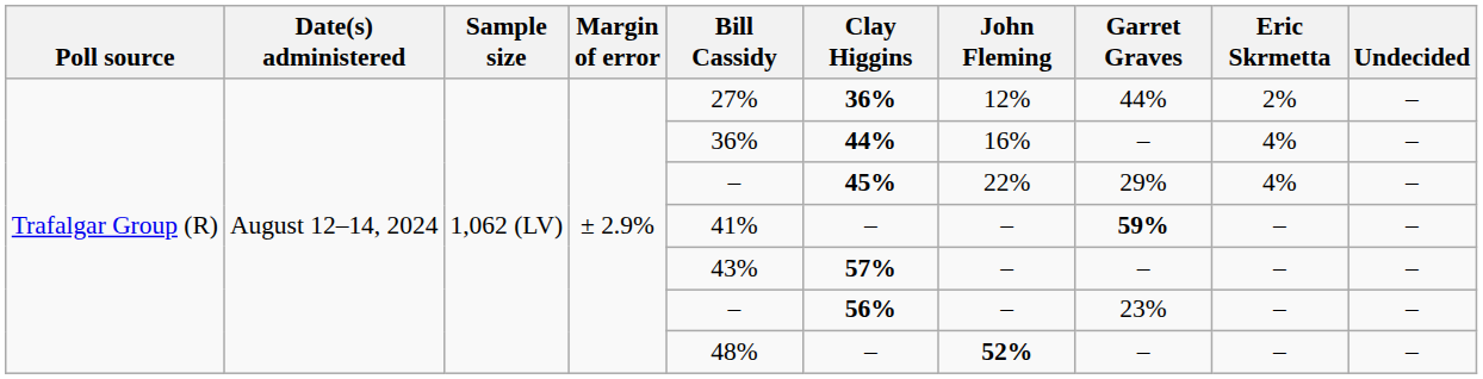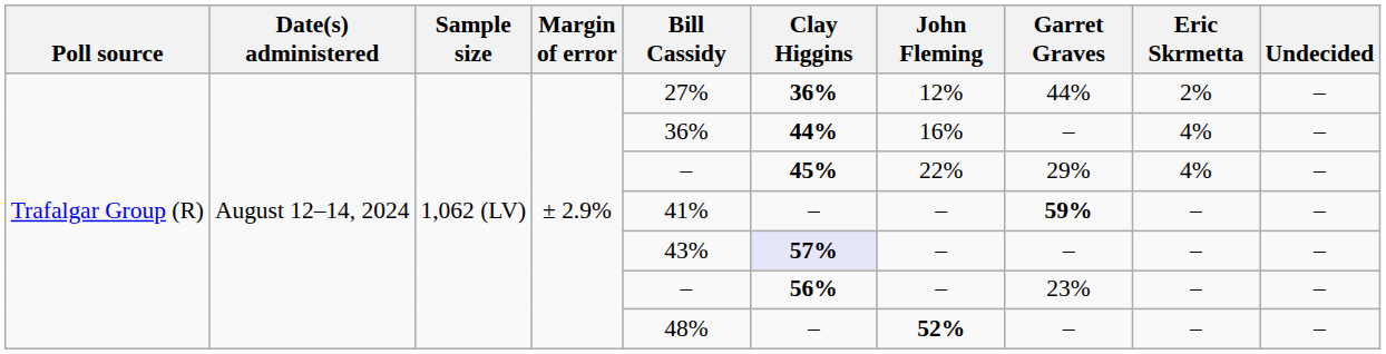 <table class="wikitable" style="font-size:90%;text-align:center;">
 <tr valign=bottom>
 <th>Poll source</th>
 <th>Date(s)<br>administered</th>
 <th>Sample<br>size</th>
 <th>Margin<br>of error</th>
 <th style="width:70px;">Bill<br>Cassidy</th>
 <th style="width:70px;">Clay<br>Higgins</th>
 <th style="width:70px;">John<br>Fleming</th>
 <th style="width:70px;">Garret<br>Graves</th>
 <th style="width:70px;">Eric<br>Skrmetta</th>
 <th>Undecided</th>
 </tr>
 <tr>
 <td style="text-align:left;" rowspan="7"><a href='#'>Trafalgar Group</a> (R)</td>
 <td rowspan="7">August 12–14, 2024</td>
 <td rowspan="7">1,062 (LV)</td>
 <td rowspan="7">± 2.9%</td>
 <td>27%</td>
 <td><strong>36%</strong></td>
 <td>12%</td>
 <td>44%</td>
 <td>2%</td>
 <td>–</td>
 </tr>
 <tr>
 <td>36%</td>
 <td><strong>44%</strong></td>
 <td>16%</td>
 <td>–</td>
 <td>4%</td>
 <td>–</td>
 </tr>
 <tr>
 <td>–</td>
 <td><strong>45%</strong></td>
 <td>22%</td>
 <td>29%</td>
 <td>4%</td>
 <td>–</td>
 </tr>
 <tr>
 <td>41%</td>
 <td>–</td>
 <td>–</td>
 <td><strong>59%</strong></td>
 <td>–</td>
 <td>–</td>
 </tr>
 <tr>
 <td>43%</td>
-<td><strong>57%</strong></td>
+<td style="background: lavender;"><strong>57%</strong></td>
 <td>–</td>
 <td>–</td>
 <td>–</td>
 <td>–</td>
 </tr>
 <tr>
 <td>–</td>
 <td><strong>56%</strong></td>
 <td>–</td>
 <td>23%</td>
 <td>–</td>
 <td>–</td>
 </tr>
 <tr>
 <td>48%</td>
 <td>–</td>
 <td><strong>52%</strong></td>
 <td>–</td>
 <td>–</td>
 <td>–</td>
 </tr>
 </table>
